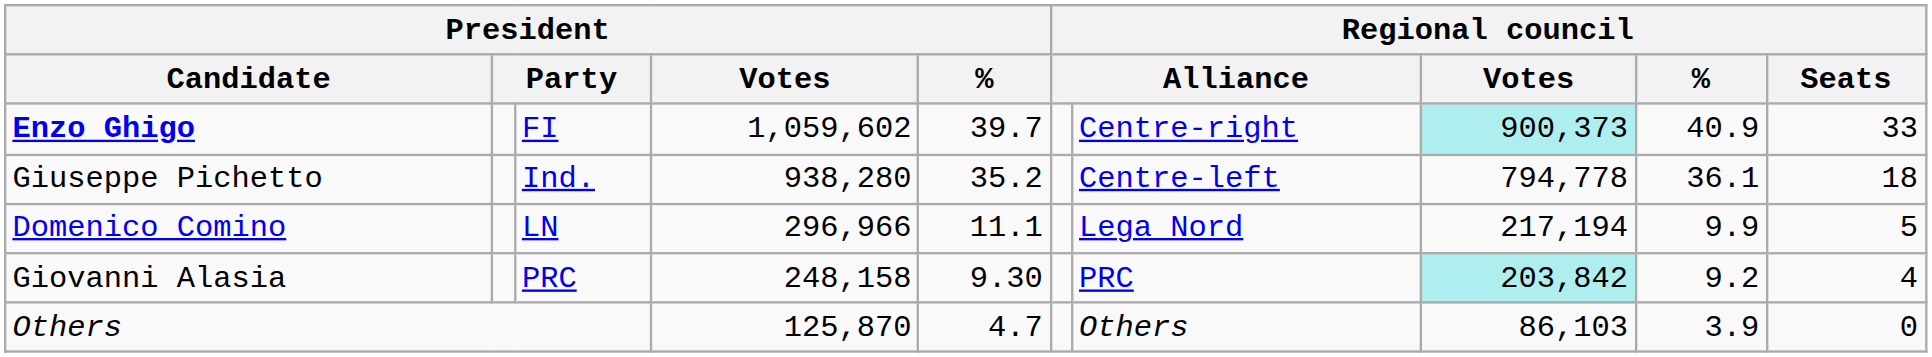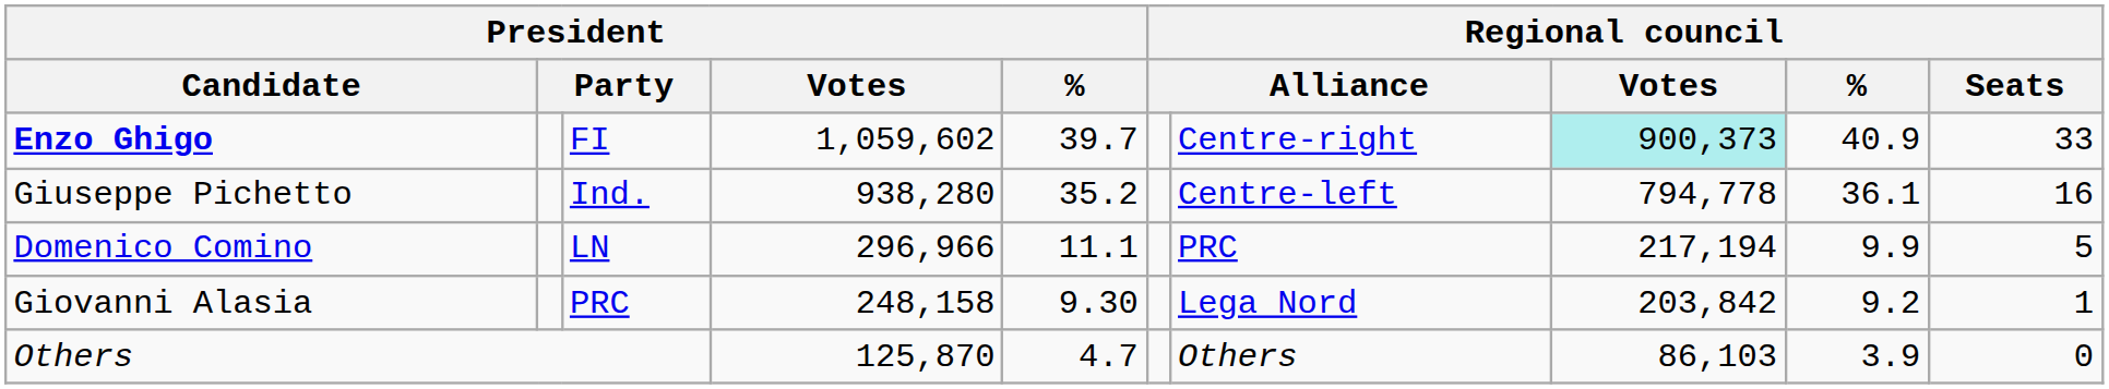 <table class="wikitable" style="text-align:right; style="width=65%">
 <tr>
 <th colspan="5">President</th>
 <th colspan="7">Regional council</th>
 </tr>
 <tr>
 <th>Candidate</th>
 <th colspan="2">Party</th>
 <th>Votes</th>
 <th>%</th>
 <th colspan="2">Alliance</th>
 <th>Votes</th>
 <th>%</th>
 <th>Seats</th>
 </tr>
 <tr>
 <td style="text-align:left"><strong><a href='#'>Enzo Ghigo</a></strong></td>
 <td></td>
 <td style="text-align:left"><a href='#'>FI</a></td>
 <td>1,059,602</td>
 <td>39.7</td>
 <td></td>
 <td style="text-align:left"><a href='#'>Centre-right</a></td>
 <td style="background: paleturquoise;">900,373</td>
 <td>40.9</td>
 <td>33</td>
 </tr>
 <tr>
 <td style="text-align:left">Giuseppe Pichetto</td>
 <td></td>
 <td style="text-align:left"><a href='#'>Ind.</a></td>
 <td>938,280</td>
 <td>35.2</td>
 <td></td>
 <td style="text-align:left"><a href='#'>Centre-left</a></td>
 <td>794,778</td>
 <td>36.1</td>
-<td>18</td>
+<td>16</td>
 </tr>
 <tr>
 <td style="text-align:left"><a href='#'>Domenico Comino</a></td>
 <td></td>
 <td style="text-align:left"><a href='#'>LN</a></td>
 <td>296,966</td>
 <td>11.1</td>
 <td></td>
-<td style="text-align:left"><a href='#'>Lega Nord</a></td>
+<td style="text-align:left"><a href='#'>PRC</a></td>
 <td>217,194</td>
 <td>9.9</td>
 <td>5</td>
 </tr>
 <tr>
 <td style="text-align:left">Giovanni Alasia</td>
 <td></td>
 <td style="text-align:left"><a href='#'>PRC</a></td>
 <td>248,158</td>
 <td>9.30</td>
 <td></td>
-<td style="text-align:left"><a href='#'>PRC</a></td>
-<td style="background: paleturquoise;">203,842</td>
+<td style="text-align:left"><a href='#'>Lega Nord</a></td>
+<td>203,842</td>
 <td>9.2</td>
-<td>4</td>
+<td>1</td>
 </tr>
 <tr>
 <td colspan="3" style="text-align:left"><em>Others</em></td>
 <td>125,870</td>
 <td>4.7</td>
 <td></td>
 <td style="text-align:left"><em>Others</em></td>
 <td>86,103</td>
 <td>3.9</td>
 <td>0</td>
 </tr>
 </table>
